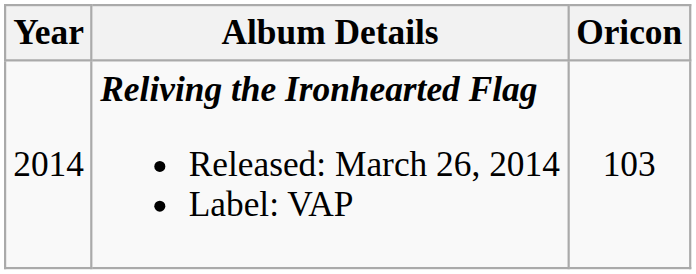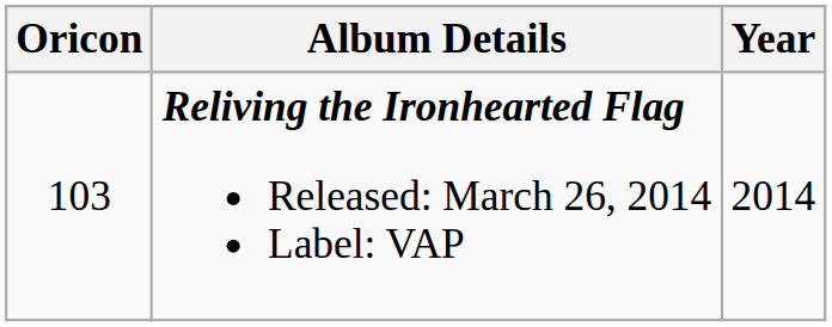 <table class="wikitable">
 <tr>
+<th>Oricon</th>
+<th>Album Details</th>
 <th>Year</th>
-<th>Album Details</th>
-<th>Oricon</th>
 </tr>
 <tr>
+<td align="center">103</td>
+<td><strong><em>Reliving the Ironhearted Flag</em></strong><br><ul><li>Released: March 26, 2014</li><li>Label: VAP</li></ul></td>
 <td>2014</td>
-<td><strong><em>Reliving the Ironhearted Flag</em></strong><br><ul><li>Released: March 26, 2014</li><li>Label: VAP</li></ul></td>
-<td align="center">103</td>
 </tr>
 </table>
